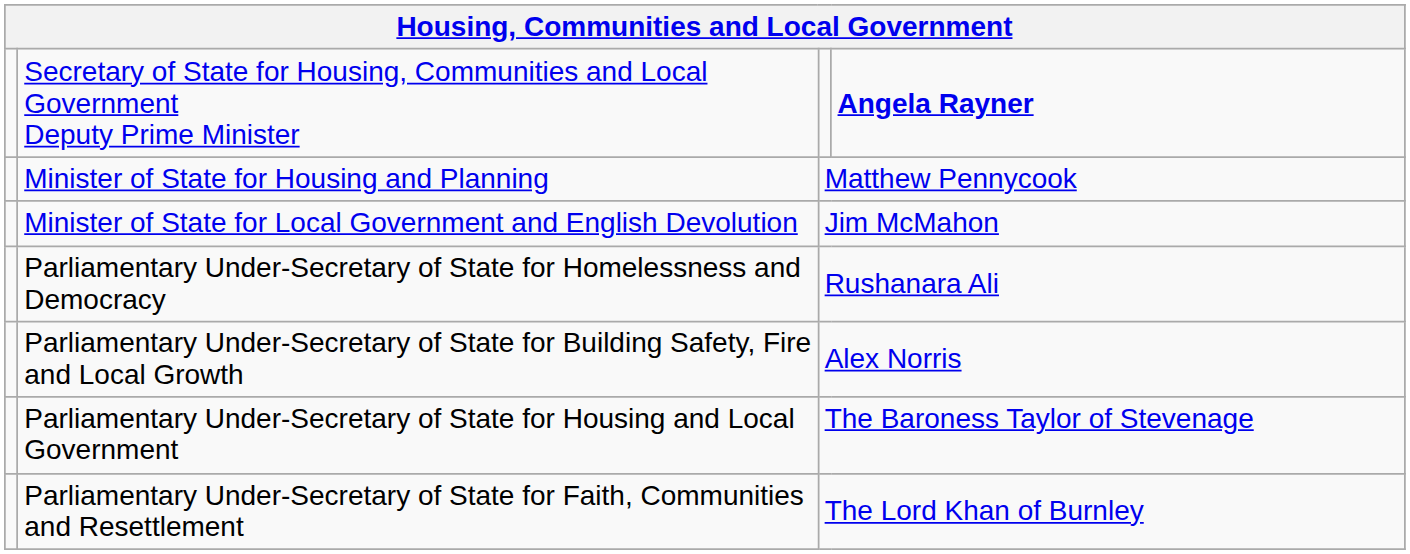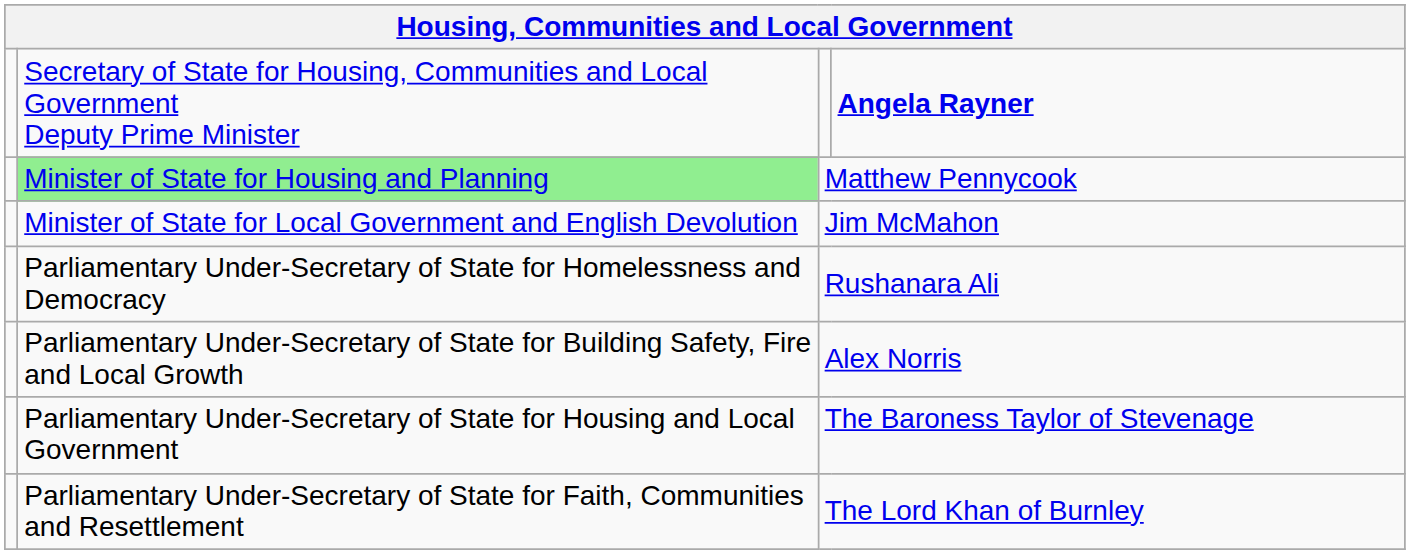 <table class="wikitable">
 <tr>
 <th colspan="4"><a href='#'>Housing, Communities and Local Government</a></th>
 </tr>
 <tr>
 <td style="background: "></td>
 <td style="width: 450px;"><a href='#'>Secretary of State for Housing, Communities and Local Government</a><br><a href='#'>Deputy Prime Minister</a></td>
 <td style="background: "></td>
 <td style="width: 320px;"><strong><a href='#'>Angela Rayner</a></strong></td>
 </tr>
 <tr>
 <td style="background: "></td>
-<td><a href='#'>Minister of State for Housing and Planning</a></td>
+<td style="background: lightgreen;"><a href='#'>Minister of State for Housing and Planning</a></td>
 <td colspan="2"><a href='#'>Matthew Pennycook</a></td>
 </tr>
 <tr>
 <td style="background: "></td>
 <td><a href='#'>Minister of State for Local Government and English Devolution</a></td>
 <td colspan="2"><a href='#'>Jim McMahon</a> </td>
 </tr>
 <tr>
 <td style="background: "></td>
 <td>Parliamentary Under-Secretary of State for Homelessness and Democracy</td>
 <td colspan="2"><a href='#'>Rushanara Ali</a></td>
 </tr>
 <tr>
 <td style="background: "></td>
 <td>Parliamentary Under-Secretary of State for Building Safety, Fire and Local Growth</td>
 <td colspan=2><a href='#'>Alex Norris</a></td>
 </tr>
 <tr>
 <td style="background: "></td>
 <td>Parliamentary Under-Secretary of State for Housing and Local Government</td>
 <td colspan="2"><a href='#'>The Baroness Taylor of Stevenage</a> <br><br></td>
 </tr>
 <tr>
 <td style="background: "></td>
 <td>Parliamentary Under-Secretary of State for Faith, Communities and Resettlement</td>
 <td colspan="2"><a href='#'>The Lord Khan of Burnley</a></td>
 </tr>
 </table>
